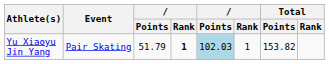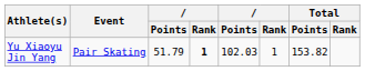 <table class="wikitable">
 <tr>
 <th rowspan="2">Athlete(s)</th>
 <th rowspan="2">Event</th>
 <th colspan="2">/</th>
 <th colspan="2">/</th>
 <th colspan="2">Total</th>
 </tr>
 <tr>
 <th>Points</th>
 <th>Rank</th>
 <th>Points</th>
 <th>Rank</th>
 <th>Points</th>
 <th>Rank</th>
 </tr>
 <tr>
 <td><a href='#'>Yu Xiaoyu</a><br><a href='#'>Jin Yang</a></td>
 <td><a href='#'>Pair Skating</a></td>
 <td align="center">51.79</td>
 <td align="center"><strong>1</strong></td>
-<td align="center" style="background: lightblue;">102.03</td>
+<td align="center">102.03</td>
 <td align="center">1</td>
 <td align="center">153.82</td>
 <td align="center"></td>
 </tr>
 </table>
